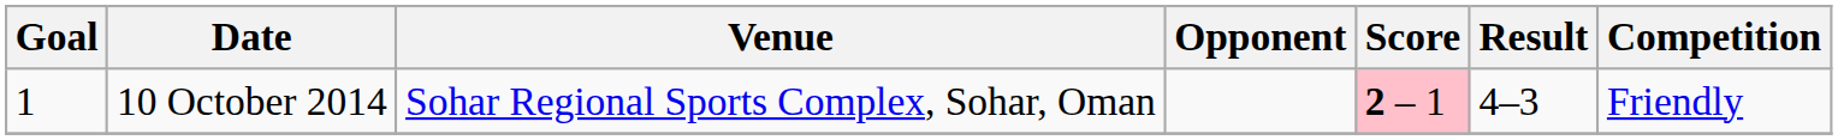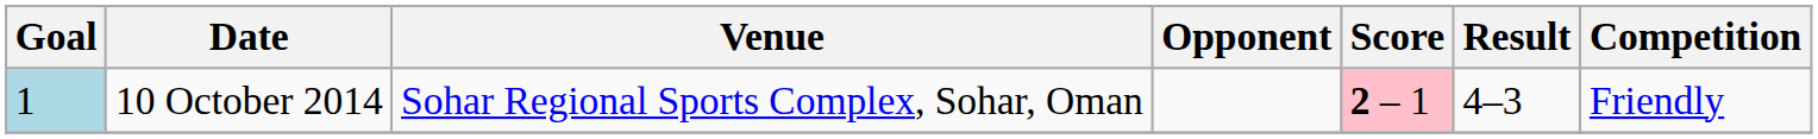 <table class="wikitable">
 <tr>
 <th>Goal</th>
 <th>Date</th>
 <th>Venue</th>
 <th>Opponent</th>
 <th>Score</th>
 <th>Result</th>
 <th>Competition</th>
 </tr>
 <tr>
-<td>1</td>
+<td style="background: lightblue;">1</td>
 <td>10 October 2014</td>
 <td><a href='#'>Sohar Regional Sports Complex</a>, Sohar, Oman</td>
 <td></td>
 <td style="background: pink;"><strong>2</strong> – 1</td>
 <td>4–3</td>
 <td><a href='#'>Friendly</a></td>
 </tr>
 <tr>
 </tr>
 </table>
